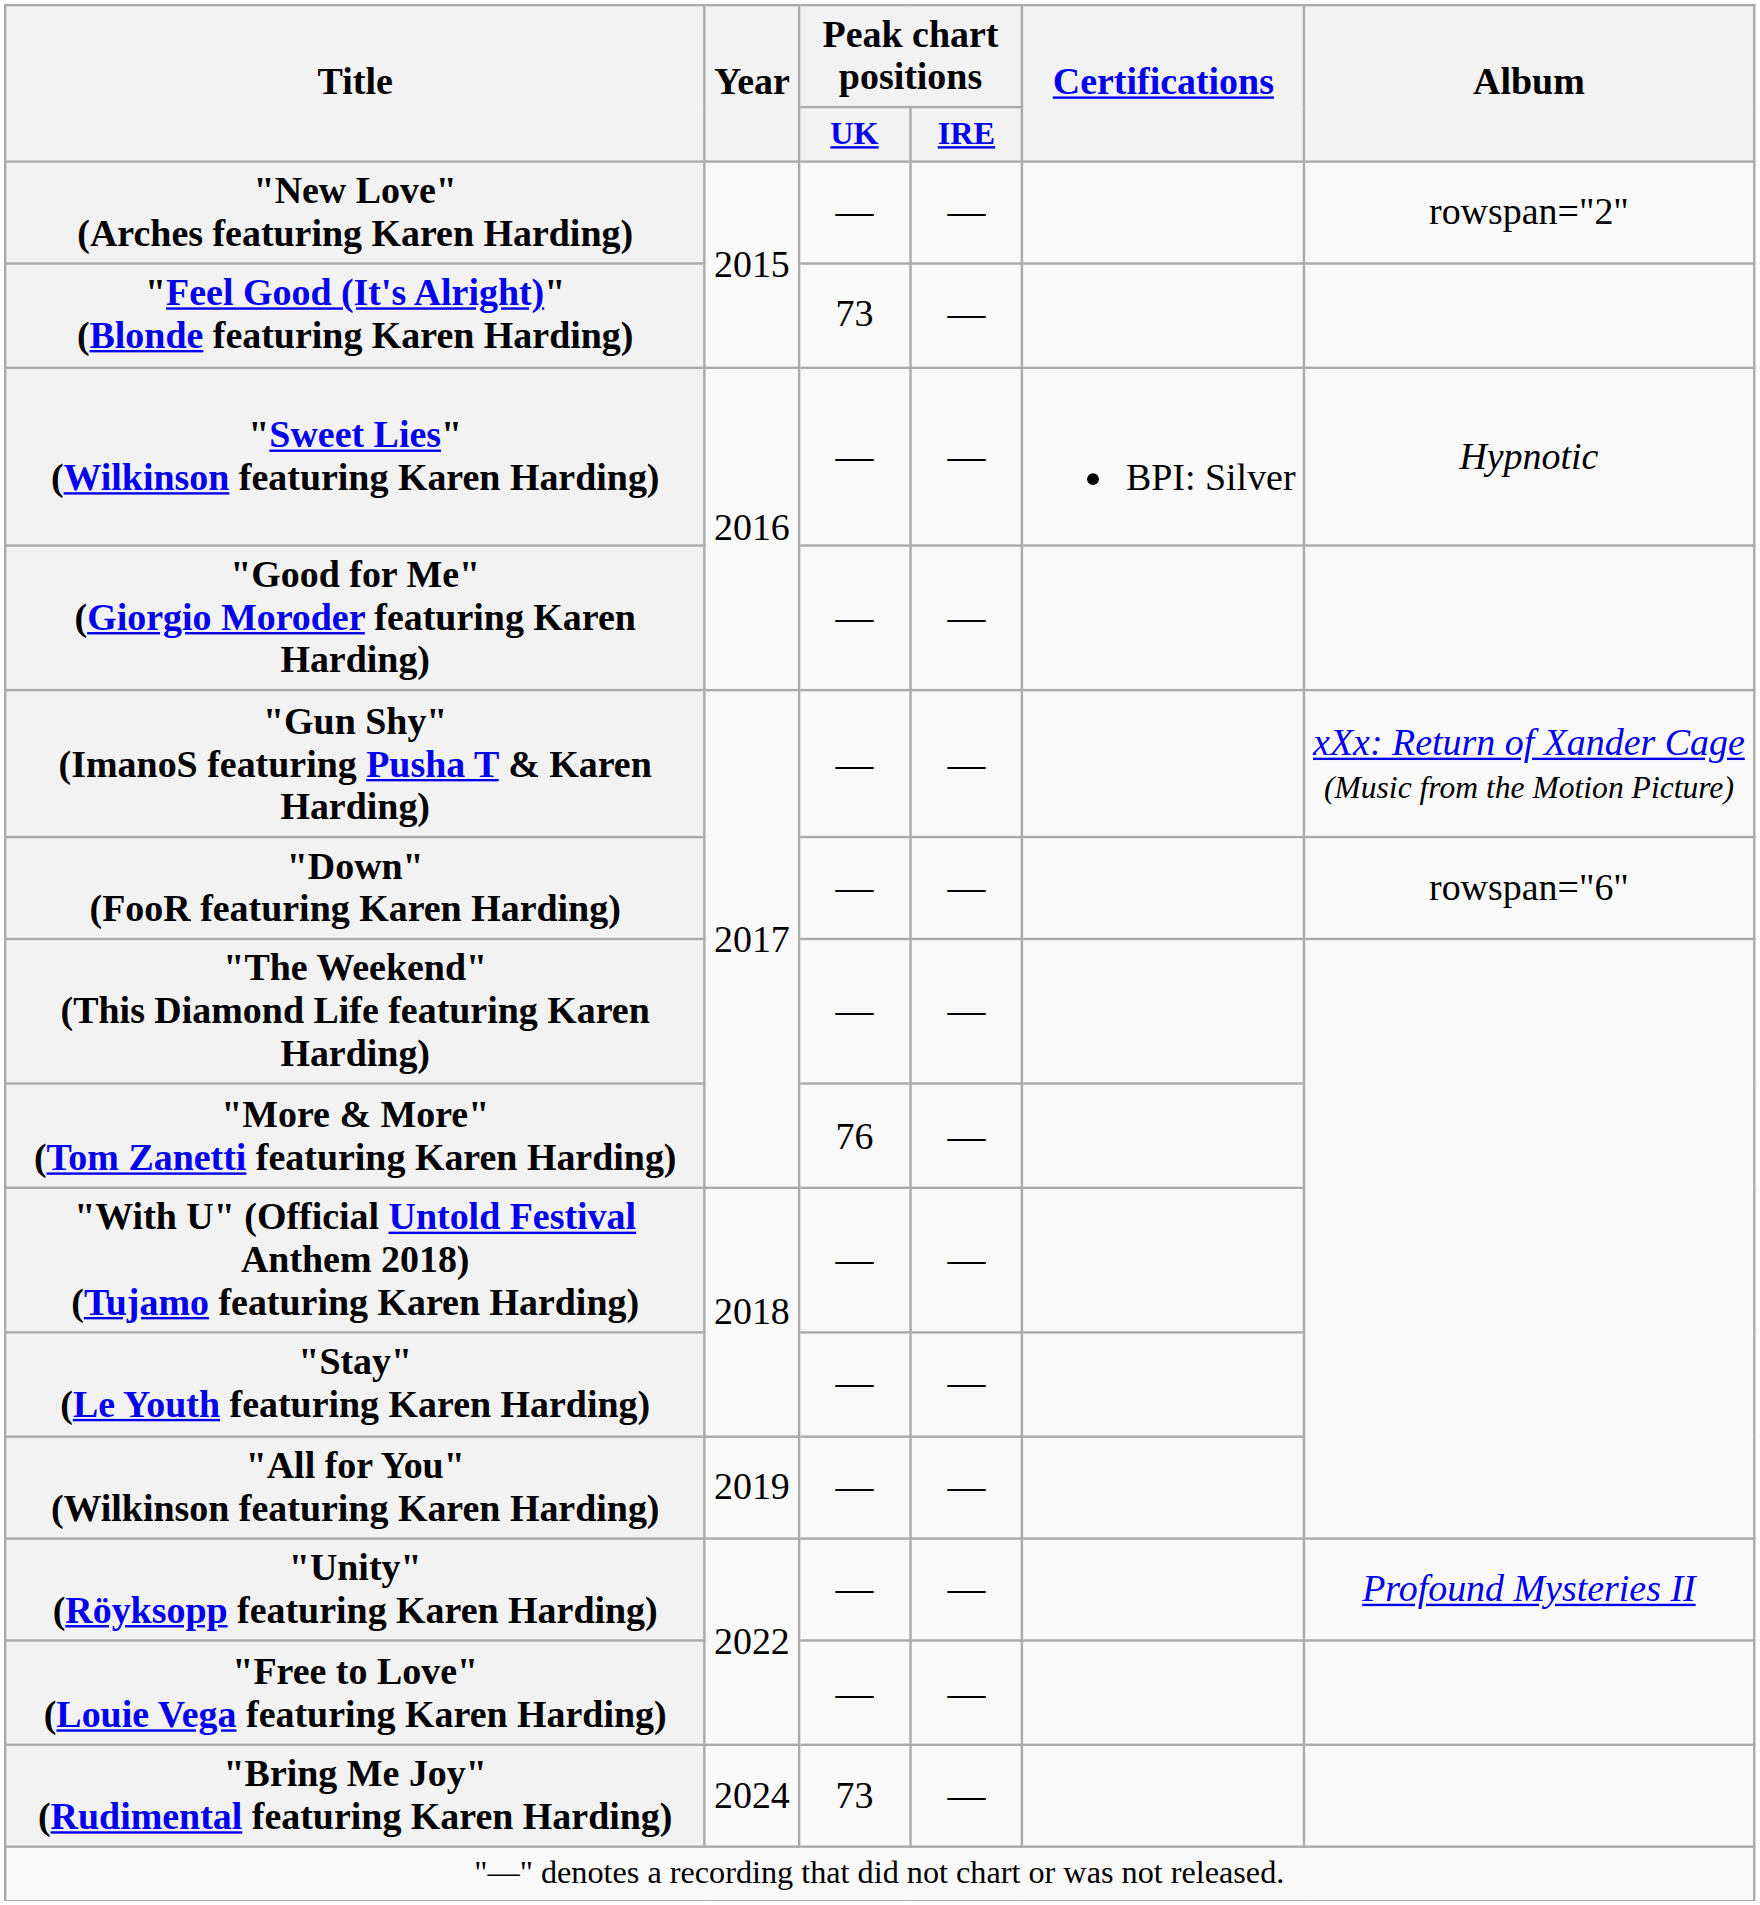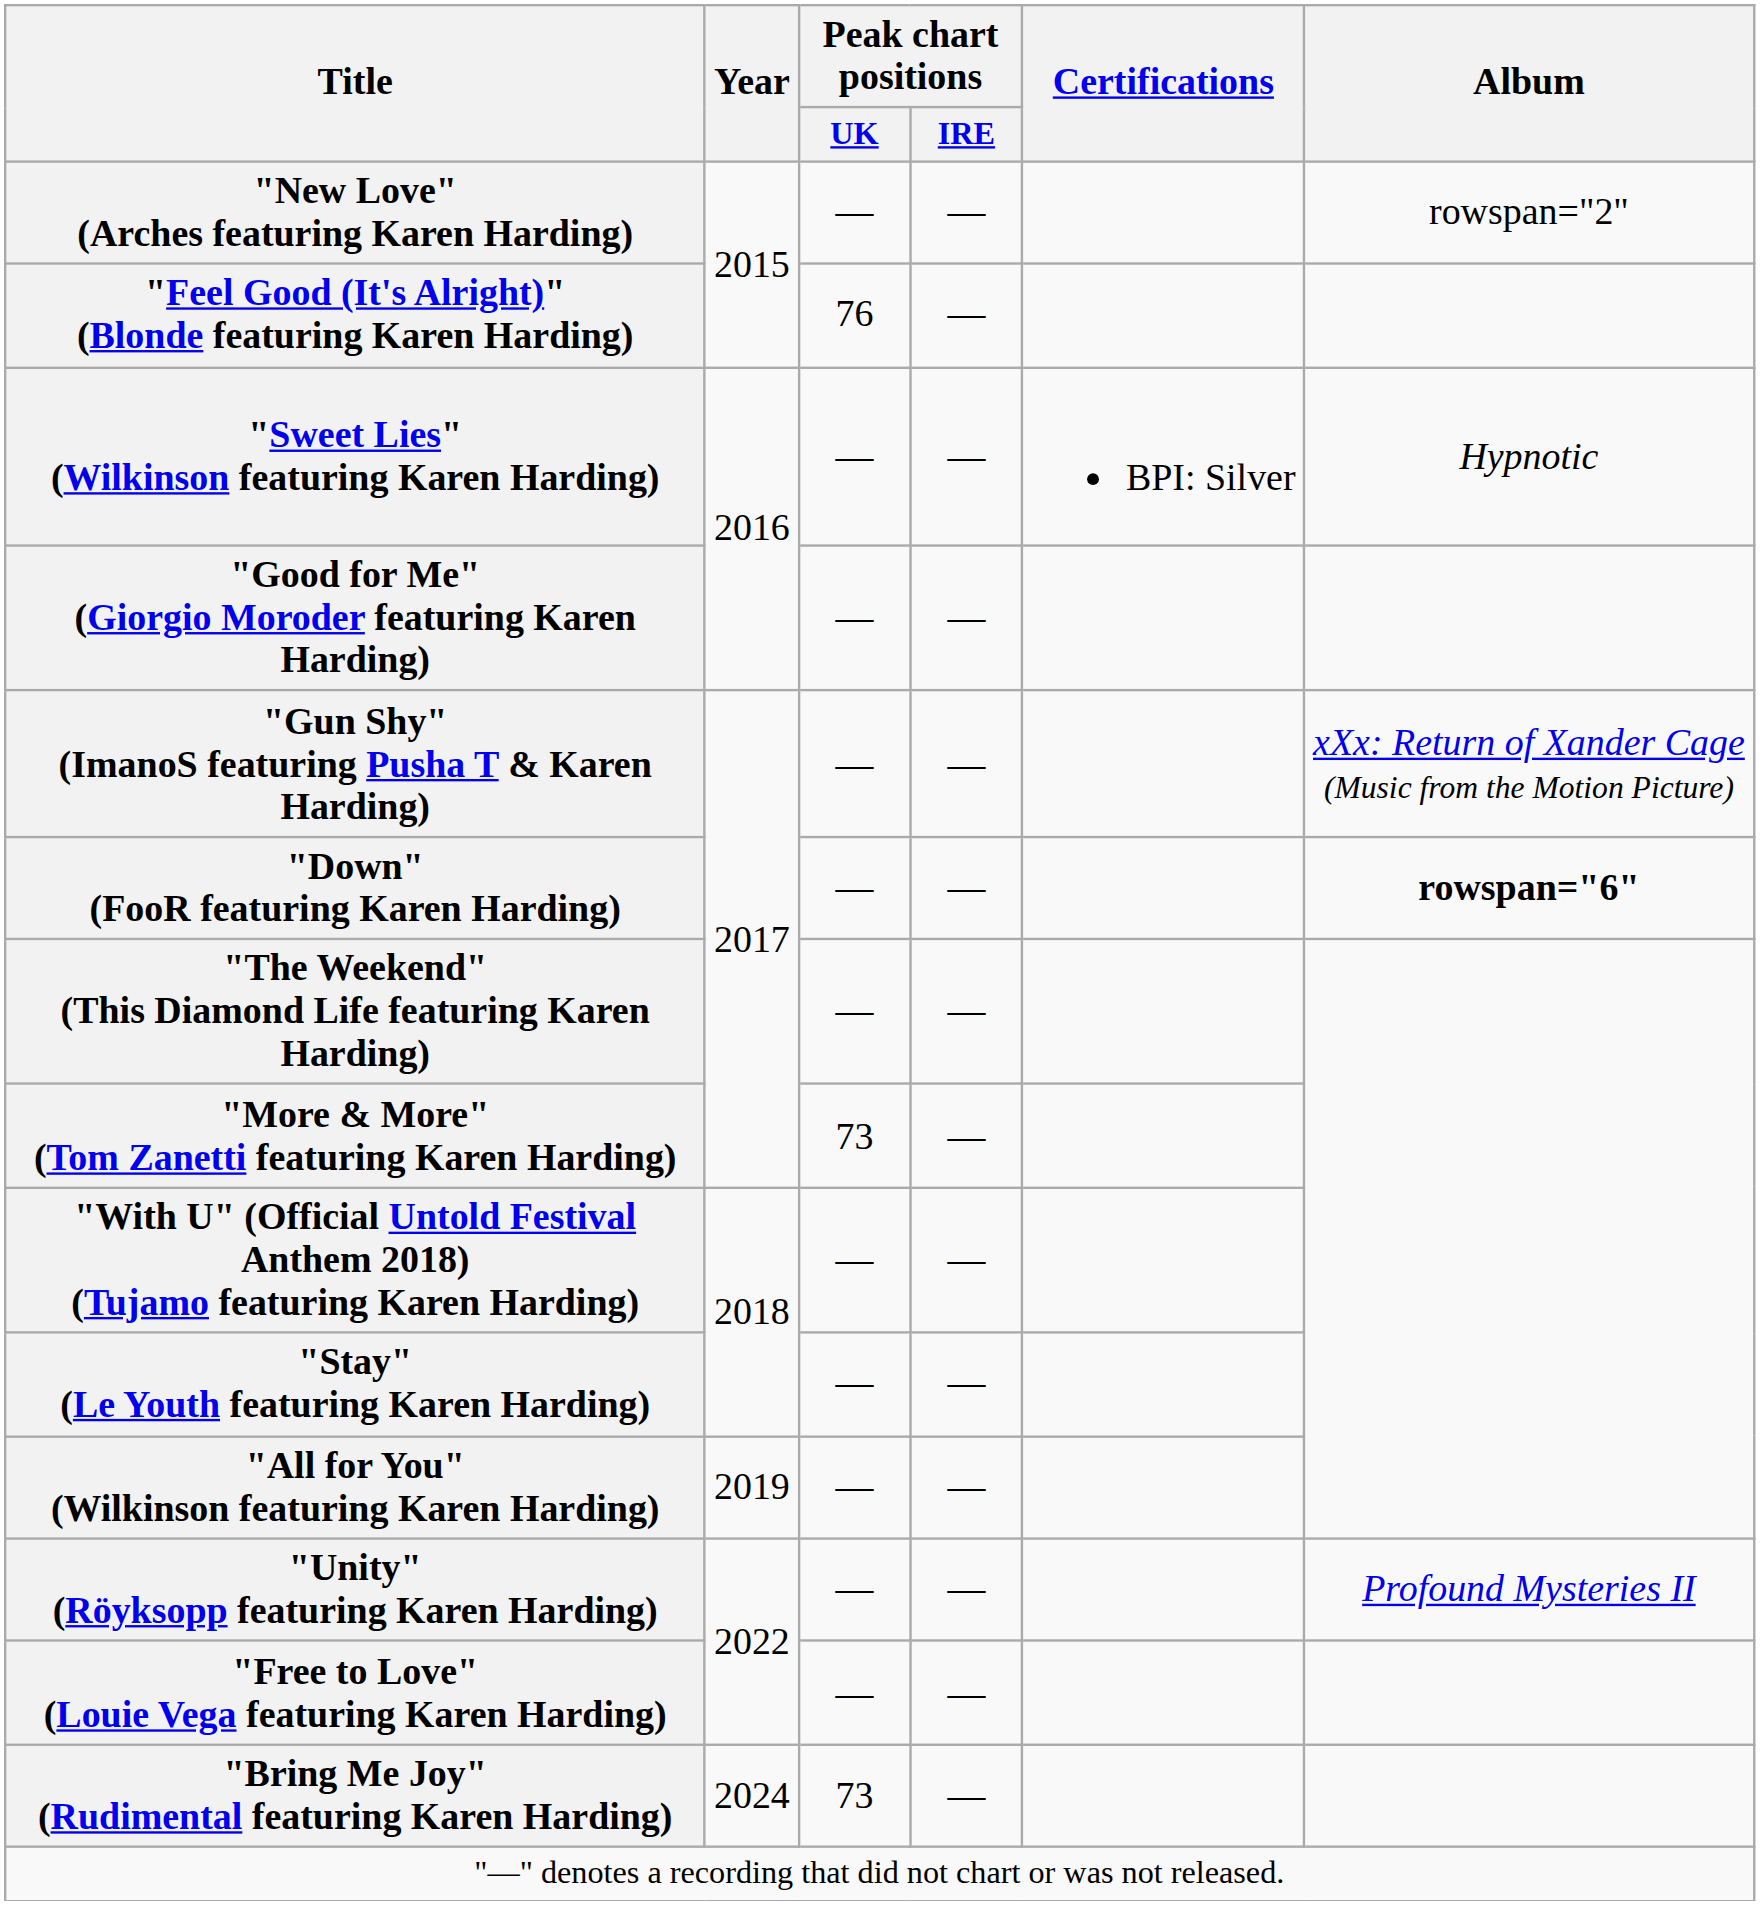 <table class="wikitable plainrowheaders" style="text-align:center;">
 <tr>
 <th scope="col" rowspan="2" style="width:18em">Title</th>
 <th scope="col" rowspan="2" style="width:1em">Year</th>
 <th scope="col" colspan="2">Peak chart positions</th>
 <th scope="col" rowspan="2"><a href='#'>Certifications</a></th>
 <th scope="col" rowspan="2">Album</th>
 </tr>
 <tr>
 <th scope="col" style="width:3em;font-size:85%;"><a href='#'>UK</a><br></th>
 <th scope="col" style="width:3em;font-size:85%;"><a href='#'>IRE</a><br></th>
 </tr>
 <tr>
 <th scope="row">"New Love"<br><span>(Arches featuring Karen Harding)</span></th>
 <td rowspan="2">2015</td>
 <td>—</td>
 <td>—</td>
 <td></td>
 <td>rowspan="2" </td>
 </tr>
 <tr>
 <th scope="row">"<a href='#'>Feel Good (It's Alright)</a>"<br><span>(<a href='#'>Blonde</a> featuring Karen Harding)</span></th>
-<td>73</td>
+<td>76</td>
 <td>—</td>
 <td></td>
 </tr>
 <tr>
 <th scope="row">"<a href='#'>Sweet Lies</a>"<br><span>(<a href='#'>Wilkinson</a> featuring Karen Harding)</span></th>
 <td rowspan="2">2016</td>
 <td>—</td>
 <td>—</td>
 <td><br><ul><li>BPI: Silver</li></ul></td>
 <td><em>Hypnotic</em></td>
 </tr>
 <tr>
 <th scope="row">"Good for Me"<br><span>(<a href='#'>Giorgio Moroder</a> featuring Karen Harding)</span></th>
 <td>—</td>
 <td>—</td>
 <td></td>
 <td></td>
 </tr>
 <tr>
 <th scope="row">"Gun Shy"<br><span>(ImanoS featuring <a href='#'>Pusha T</a> & Karen Harding)</span></th>
 <td rowspan="4">2017</td>
 <td>—</td>
 <td>—</td>
 <td></td>
 <td><em><a href='#'>xXx: Return of Xander Cage</a><br><small>(Music from the Motion Picture)</small></em></td>
 </tr>
 <tr>
 <th scope="row">"Down"<br><span>(FooR featuring Karen Harding)</span></th>
 <td>—</td>
 <td>—</td>
 <td></td>
-<td>rowspan="6" </td>
+<td><strong>rowspan="6" </strong></td>
 </tr>
 <tr>
 <th scope="row">"The Weekend"<br><span>(This Diamond Life featuring Karen Harding)</span></th>
 <td>—</td>
 <td>—</td>
 <td></td>
 </tr>
 <tr>
 <th scope="row">"More & More"<br><span>(<a href='#'>Tom Zanetti</a> featuring Karen Harding)</span></th>
-<td>76</td>
+<td>73</td>
 <td>—</td>
 <td></td>
 </tr>
 <tr>
 <th scope="row">"With U" (Official <a href='#'>Untold Festival</a> Anthem 2018)<br><span>(<a href='#'>Tujamo</a> featuring Karen Harding)</span></th>
 <td rowspan="2">2018</td>
 <td>—</td>
 <td>—</td>
 <td></td>
 </tr>
 <tr>
 <th scope="row">"Stay"<br><span>(<a href='#'>Le Youth</a> featuring Karen Harding)</span></th>
 <td>—</td>
 <td>—</td>
 <td></td>
 </tr>
 <tr>
 <th scope="row">"All for You"<br><span>(Wilkinson featuring Karen Harding)</span></th>
 <td>2019</td>
 <td>—</td>
 <td>—</td>
 <td></td>
 </tr>
 <tr>
 <th scope="row">"Unity"<br><span>(<a href='#'>Röyksopp</a> featuring Karen Harding)</span></th>
 <td rowspan="2">2022</td>
 <td>—</td>
 <td>—</td>
 <td></td>
 <td><em><a href='#'>Profound Mysteries II</a></em></td>
 </tr>
 <tr>
 <th scope="row">"Free to Love"<br><span>(<a href='#'>Louie Vega</a> featuring Karen Harding)</span></th>
 <td>—</td>
 <td>—</td>
 <td></td>
 <td></td>
 </tr>
 <tr>
 <th scope="row">"Bring Me Joy"<br><span>(<a href='#'>Rudimental</a> featuring Karen Harding)</span></th>
 <td>2024</td>
 <td>73</td>
 <td>—</td>
 <td></td>
 <td></td>
 </tr>
 <tr>
 <td colspan="20" style="font-size:85%">"—" denotes a recording that did not chart or was not released.</td>
 </tr>
 </table>
